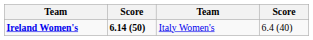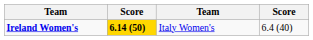 <table class="wikitable" width=500>
 <tr>
 <th width=25%>Team</th>
 <th width=12%>Score</th>
 <th width=25%>Team</th>
 <th width=12%>Score</th>
 </tr>
 <tr style="vertical-align: top;">
 <td> <strong><a href='#'>Ireland Women's</a></strong></td>
-<td><strong>6.14 (50)</strong></td>
+<td style="background: gold;"><strong>6.14 (50)</strong></td>
 <td> <a href='#'>Italy Women's</a></td>
 <td>6.4 (40)</td>
 </tr>
 </table>
